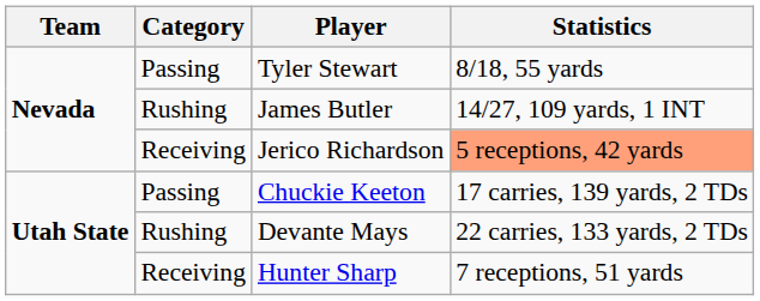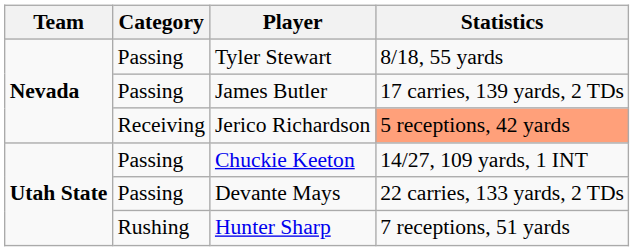 <table class="wikitable" style="float: left;">
 <tr>
 <th>Team</th>
 <th>Category</th>
 <th>Player</th>
 <th>Statistics</th>
 </tr>
 <tr>
 <td rowspan=3><strong>Nevada</strong></td>
 <td>Passing</td>
 <td>Tyler Stewart</td>
 <td>8/18, 55 yards</td>
 </tr>
 <tr>
-<td>Rushing</td>
+<td>Passing</td>
 <td>James Butler</td>
-<td>14/27, 109 yards, 1 INT</td>
+<td>17 carries, 139 yards, 2 TDs</td>
 </tr>
 <tr>
 <td>Receiving</td>
 <td>Jerico Richardson</td>
 <td style="background: lightsalmon;">5 receptions, 42 yards</td>
 </tr>
 <tr>
 <td rowspan=3><strong>Utah State</strong></td>
 <td>Passing</td>
 <td><a href='#'>Chuckie Keeton</a></td>
-<td>17 carries, 139 yards, 2 TDs</td>
+<td>14/27, 109 yards, 1 INT</td>
 </tr>
 <tr>
-<td>Rushing</td>
+<td>Passing</td>
 <td>Devante Mays</td>
 <td>22 carries, 133 yards, 2 TDs</td>
 </tr>
 <tr>
-<td>Receiving</td>
+<td>Rushing</td>
 <td><a href='#'>Hunter Sharp</a></td>
 <td>7 receptions, 51 yards</td>
 </tr>
 </table>
